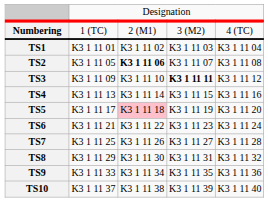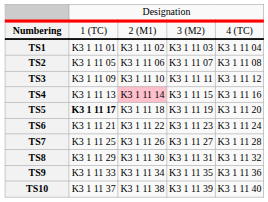 <table class="wikitable" summary="方面別編成表" style="text-align:center; margin-left:3em;">
 <tr>
 <td style="background:#ccc; width:6em;"> </td>
 <td colspan="4">Designation</td>
 </tr>
 <tr style="border-top:solid 5px #ff0000;">
 <th>Numbering</th>
 <td>1 (TC)</td>
 <td>2 (M1)</td>
 <td>3 (M2)</td>
 <td>4 (TC)</td>
 </tr>
 <tr style="border-top:solid 3px #0b0b0b;">
 <th>TS1</th>
 <td>K3 1 11 01</td>
 <td>K3 1 11 02</td>
 <td>K3 1 11 03</td>
 <td>K3 1 11 04</td>
 </tr>
 <tr>
 <th>TS2</th>
 <td>K3 1 11 05</td>
-<td><strong>K3 1 11 06</strong></td>
+<td>K3 1 11 06</td>
 <td>K3 1 11 07</td>
 <td>K3 1 11 08</td>
 </tr>
 <tr>
 <th>TS3</th>
 <td>K3 1 11 09</td>
 <td>K3 1 11 10</td>
-<td><strong>K3 1 11 11</strong></td>
+<td>K3 1 11 11</td>
 <td>K3 1 11 12</td>
 </tr>
 <tr>
 <th>TS4</th>
 <td>K3 1 11 13</td>
-<td>K3 1 11 14</td>
+<td style="background: pink;">K3 1 11 14</td>
 <td>K3 1 11 15</td>
 <td>K3 1 11 16</td>
 </tr>
 <tr>
 <th>TS5</th>
-<td>K3 1 11 17</td>
-<td style="background: pink;">K3 1 11 18</td>
+<td><strong>K3 1 11 17</strong></td>
+<td>K3 1 11 18</td>
 <td>K3 1 11 19</td>
 <td>K3 1 11 20</td>
 </tr>
 <tr>
 <th>TS6</th>
 <td>K3 1 11 21</td>
 <td>K3 1 11 22</td>
 <td>K3 1 11 23</td>
 <td>K3 1 11 24</td>
 </tr>
 <tr>
 <th>TS7</th>
 <td>K3 1 11 25</td>
 <td>K3 1 11 26</td>
 <td>K3 1 11 27</td>
 <td>K3 1 11 28</td>
 </tr>
 <tr>
 <th>TS8</th>
 <td>K3 1 11 29</td>
 <td>K3 1 11 30</td>
 <td>K3 1 11 31</td>
 <td>K3 1 11 32</td>
 </tr>
 <tr>
 <th>TS9</th>
 <td>K3 1 11 33</td>
 <td>K3 1 11 34</td>
 <td>K3 1 11 35</td>
 <td>K3 1 11 36</td>
 </tr>
 <tr>
 <th>TS10</th>
 <td>K3 1 11 37</td>
 <td>K3 1 11 38</td>
 <td>K3 1 11 39</td>
 <td>K3 1 11 40</td>
 </tr>
 </table>
